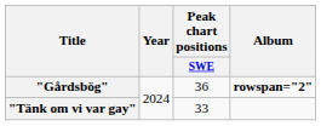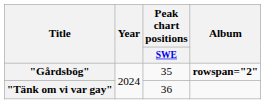 <table class="wikitable plainrowheaders" style="text-align:center;">
 <tr>
 <th scope="col" rowspan="2">Title</th>
 <th scope="col" rowspan="2">Year</th>
 <th scope="col" colspan="1">Peak chart positions</th>
 <th scope="col" rowspan="2">Album</th>
 </tr>
 <tr>
 <th scope="col" style="width:3em;font-size:85%;"><a href='#'>SWE</a></th>
 </tr>
 <tr>
 <th scope="row">"Gårdsbög"</th>
 <td rowspan="2">2024</td>
-<td>36</td>
+<td>35</td>
 <td><strong>rowspan="2" </strong></td>
 </tr>
 <tr>
 <th scope="row">"Tänk om vi var gay"<br></th>
-<td>33</td>
+<td>36</td>
 </tr>
 </table>
